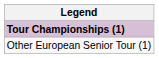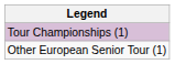 <table class="wikitable" style="font-size:95%;">
 <tr>
 <th>Legend</th>
 </tr>
 <tr style="background:thistle;">
-<td><strong>Tour Championships (1)</strong></td>
+<td>Tour Championships (1)</td>
 </tr>
 <tr>
 <td>Other European Senior Tour (1)</td>
 </tr>
 </table>
